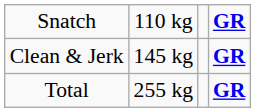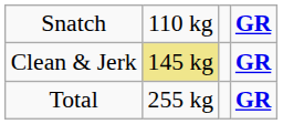 <table class = "wikitable" style="text-align:center;">
 <tr>
 <td>Snatch</td>
 <td>110 kg</td>
 <td align=left></td>
 <td><strong><a href='#'>GR</a></strong></td>
 </tr>
 <tr>
 <td>Clean & Jerk</td>
-<td>145 kg</td>
+<td style="background: khaki;">145 kg</td>
 <td align=left></td>
 <td><strong><a href='#'>GR</a></strong></td>
 </tr>
 <tr>
 <td>Total</td>
 <td>255 kg</td>
 <td align=left></td>
 <td><strong><a href='#'>GR</a></strong></td>
 </tr>
 </table>
